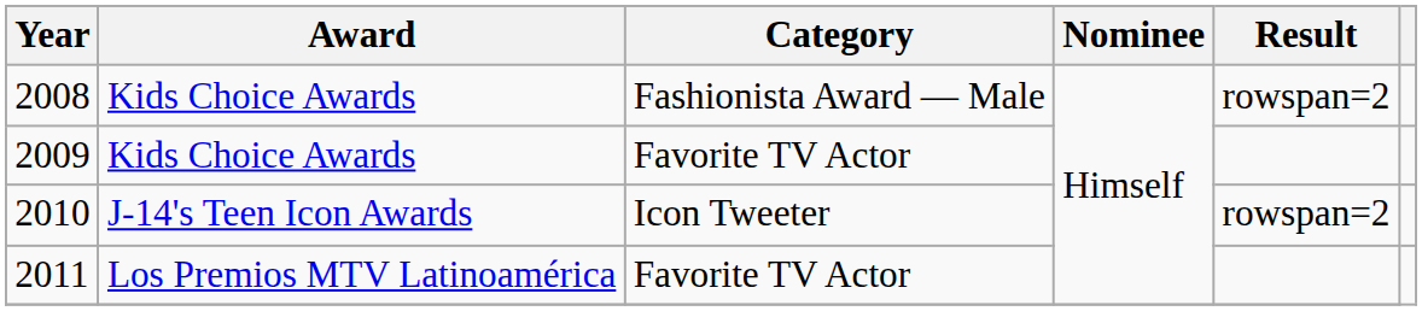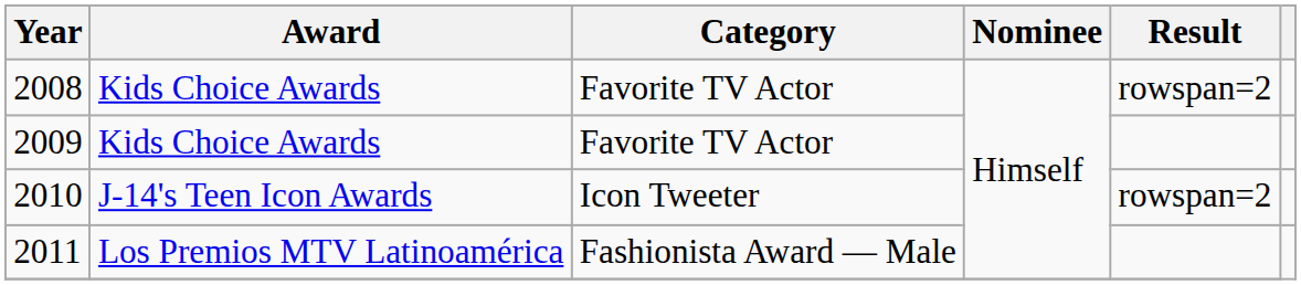 <table class="wikitable">
 <tr>
 <th scope="col">Year</th>
 <th scope="col">Award</th>
 <th scope="col">Category</th>
 <th scope="col">Nominee</th>
 <th scope="col">Result</th>
 <th></th>
 </tr>
 <tr>
 <td>2008</td>
 <td><a href='#'>Kids Choice Awards</a></td>
-<td>Fashionista Award ― Male</td>
+<td>Favorite TV Actor</td>
 <td rowspan=4>Himself</td>
 <td>rowspan=2 </td>
 <td></td>
 </tr>
 <tr>
 <td>2009</td>
 <td><a href='#'>Kids Choice Awards</a></td>
 <td>Favorite TV Actor</td>
 <td></td>
 </tr>
 <tr>
 <td>2010</td>
 <td><a href='#'>J-14's Teen Icon Awards</a></td>
 <td>Icon Tweeter</td>
 <td>rowspan=2 </td>
 <td></td>
 </tr>
 <tr>
 <td>2011</td>
 <td><a href='#'>Los Premios MTV Latinoamérica</a></td>
-<td>Favorite TV Actor</td>
+<td>Fashionista Award ― Male</td>
 <td></td>
 </tr>
 <tr>
 </tr>
 </table>
